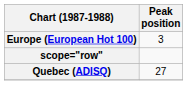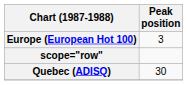 <table class="wikitable plainrowheaders">
 <tr>
 <th>Chart (1987-1988)</th>
 <th>Peak<br>position</th>
 </tr>
 <tr>
 <th scope="row">Europe (<a href='#'>European Hot 100</a>)</th>
 <td align="center">3</td>
 </tr>
 <tr>
 <th>scope="row"</th>
 </tr>
 <tr>
 <th scope="row">Quebec (<a href='#'>ADISQ</a>)</th>
-<td align="center">27</td>
+<td align="center">30</td>
 </tr>
 <tr>
 </tr>
 </table>
